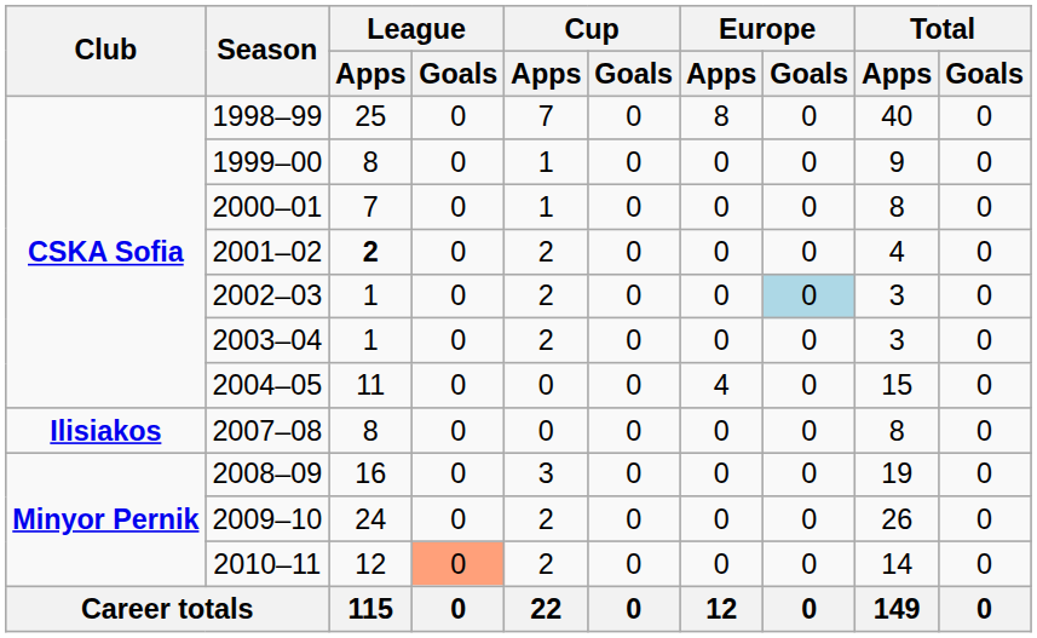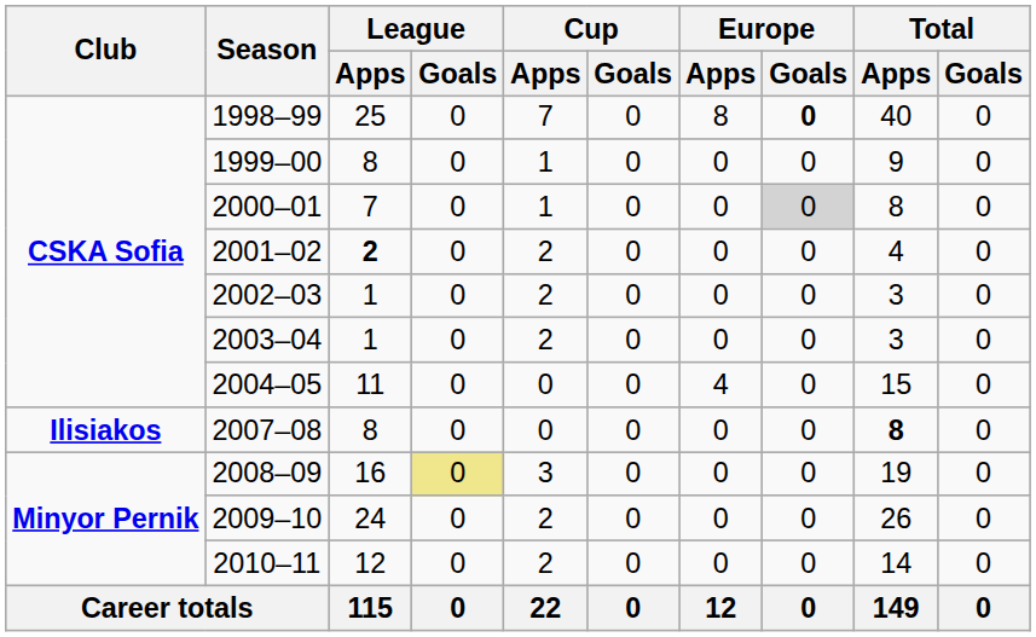 <table class="wikitable" style="font-size:90%; text-align: center;">
 <tr>
 <th rowspan="2">Club</th>
 <th rowspan="2">Season</th>
 <th colspan="2">League</th>
 <th colspan="2">Cup</th>
 <th colspan="2">Europe</th>
 <th colspan="2">Total</th>
 </tr>
 <tr>
 <th>Apps</th>
 <th>Goals</th>
 <th>Apps</th>
 <th>Goals</th>
 <th>Apps</th>
 <th>Goals</th>
 <th>Apps</th>
 <th>Goals</th>
 </tr>
 <tr>
 <td rowspan="7" valign="center"><strong><a href='#'>CSKA Sofia</a></strong></td>
 <td>1998–99</td>
 <td>25</td>
 <td>0</td>
 <td>7</td>
 <td>0</td>
 <td>8</td>
-<td>0</td>
+<td><strong>0</strong></td>
 <td>40</td>
 <td>0</td>
 </tr>
 <tr>
 <td>1999–00</td>
 <td>8</td>
 <td>0</td>
 <td>1</td>
 <td>0</td>
 <td>0</td>
 <td>0</td>
 <td>9</td>
 <td>0</td>
 </tr>
 <tr>
 <td>2000–01</td>
 <td>7</td>
 <td>0</td>
 <td>1</td>
 <td>0</td>
 <td>0</td>
-<td>0</td>
+<td style="background: lightgrey;">0</td>
 <td>8</td>
 <td>0</td>
 </tr>
 <tr>
 <td>2001–02</td>
 <td><strong>2</strong></td>
 <td>0</td>
 <td>2</td>
 <td>0</td>
 <td>0</td>
 <td>0</td>
 <td>4</td>
 <td>0</td>
 </tr>
 <tr>
 <td>2002–03</td>
 <td>1</td>
 <td>0</td>
 <td>2</td>
 <td>0</td>
 <td>0</td>
-<td style="background: lightblue;">0</td>
+<td>0</td>
 <td>3</td>
 <td>0</td>
 </tr>
 <tr>
 <td>2003–04</td>
 <td>1</td>
 <td>0</td>
 <td>2</td>
 <td>0</td>
 <td>0</td>
 <td>0</td>
 <td>3</td>
 <td>0</td>
 </tr>
 <tr>
 <td>2004–05</td>
 <td>11</td>
 <td>0</td>
 <td>0</td>
 <td>0</td>
 <td>4</td>
 <td>0</td>
 <td>15</td>
 <td>0</td>
 </tr>
 <tr>
 <td rowspan="1" valign="center"><strong><a href='#'>Ilisiakos</a></strong></td>
 <td>2007–08</td>
 <td>8</td>
 <td>0</td>
 <td>0</td>
 <td>0</td>
 <td>0</td>
 <td>0</td>
-<td>8</td>
+<td><strong>8</strong></td>
 <td>0</td>
 </tr>
 <tr>
 <td rowspan="3" valign="center"><strong><a href='#'>Minyor Pernik</a></strong></td>
 <td>2008–09</td>
 <td>16</td>
-<td>0</td>
+<td style="background: khaki;">0</td>
 <td>3</td>
 <td>0</td>
 <td>0</td>
 <td>0</td>
 <td>19</td>
 <td>0</td>
 </tr>
 <tr>
 <td>2009–10</td>
 <td>24</td>
 <td>0</td>
 <td>2</td>
 <td>0</td>
 <td>0</td>
 <td>0</td>
 <td>26</td>
 <td>0</td>
 </tr>
 <tr>
 <td>2010–11</td>
 <td>12</td>
-<td style="background: lightsalmon;">0</td>
+<td>0</td>
 <td>2</td>
 <td>0</td>
 <td>0</td>
 <td>0</td>
 <td>14</td>
 <td>0</td>
 </tr>
 <tr>
 <th colspan="2">Career totals</th>
 <th>115</th>
 <th>0</th>
 <th>22</th>
 <th>0</th>
 <th>12</th>
 <th>0</th>
 <th>149</th>
 <th>0</th>
 </tr>
 </table>
